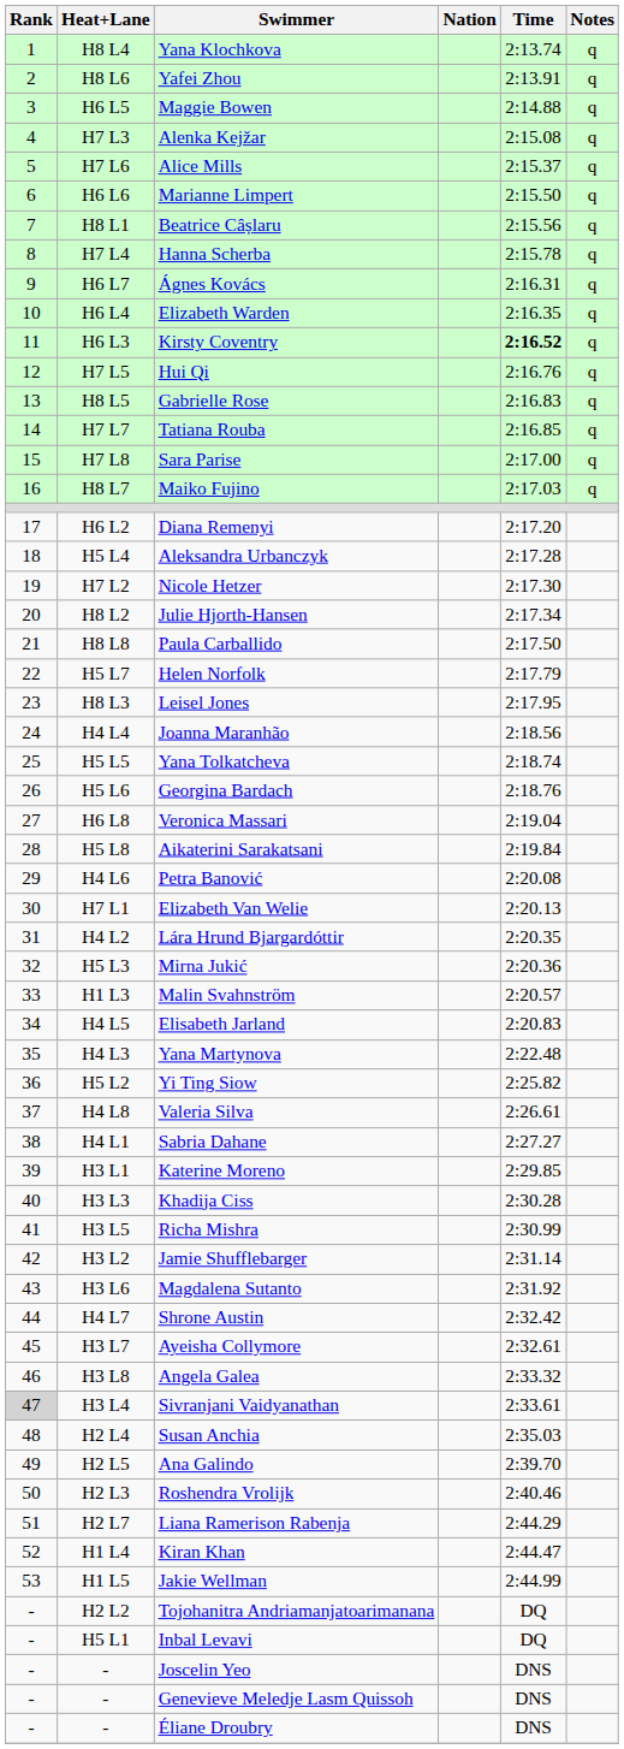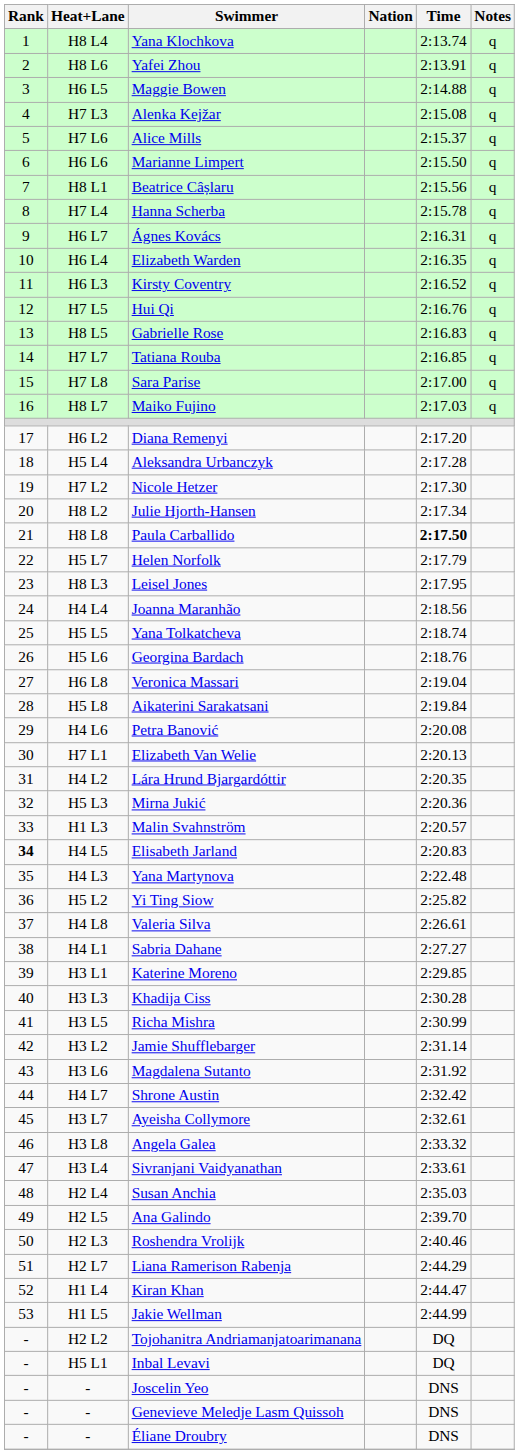 <table class="wikitable sortable" style="text-align:center">
 <tr>
 <th>Rank</th>
 <th>Heat+Lane</th>
 <th>Swimmer</th>
 <th>Nation</th>
 <th>Time</th>
 <th>Notes</th>
 </tr>
 <tr bgcolor=ccffcc>
 <td>1</td>
 <td>H8 L4</td>
 <td align=left><a href='#'>Yana Klochkova</a></td>
 <td align=left></td>
 <td>2:13.74</td>
 <td>q</td>
 </tr>
 <tr bgcolor=ccffcc>
 <td>2</td>
 <td>H8 L6</td>
 <td align=left><a href='#'>Yafei Zhou</a></td>
 <td align=left></td>
 <td>2:13.91</td>
 <td>q</td>
 </tr>
 <tr bgcolor=ccffcc>
 <td>3</td>
 <td>H6 L5</td>
 <td align=left><a href='#'>Maggie Bowen</a></td>
 <td align=left></td>
 <td>2:14.88</td>
 <td>q</td>
 </tr>
 <tr bgcolor=ccffcc>
 <td>4</td>
 <td>H7 L3</td>
 <td align=left><a href='#'>Alenka Kejžar</a></td>
 <td align=left></td>
 <td>2:15.08</td>
 <td>q</td>
 </tr>
 <tr bgcolor=ccffcc>
 <td>5</td>
 <td>H7 L6</td>
 <td align=left><a href='#'>Alice Mills</a></td>
 <td align=left></td>
 <td>2:15.37</td>
 <td>q</td>
 </tr>
 <tr bgcolor=ccffcc>
 <td>6</td>
 <td>H6 L6</td>
 <td align=left><a href='#'>Marianne Limpert</a></td>
 <td align=left></td>
 <td>2:15.50</td>
 <td>q</td>
 </tr>
 <tr bgcolor=ccffcc>
 <td>7</td>
 <td>H8 L1</td>
 <td align=left><a href='#'>Beatrice Câșlaru</a></td>
 <td align=left></td>
 <td>2:15.56</td>
 <td>q</td>
 </tr>
 <tr bgcolor=ccffcc>
 <td>8</td>
 <td>H7 L4</td>
 <td align=left><a href='#'>Hanna Scherba</a></td>
 <td align=left></td>
 <td>2:15.78</td>
 <td>q</td>
 </tr>
 <tr bgcolor=ccffcc>
 <td>9</td>
 <td>H6 L7</td>
 <td align=left><a href='#'>Ágnes Kovács</a></td>
 <td align=left></td>
 <td>2:16.31</td>
 <td>q</td>
 </tr>
 <tr bgcolor=ccffcc>
 <td>10</td>
 <td>H6 L4</td>
 <td align=left><a href='#'>Elizabeth Warden</a></td>
 <td align=left></td>
 <td>2:16.35</td>
 <td>q</td>
 </tr>
 <tr bgcolor=ccffcc>
 <td>11</td>
 <td>H6 L3</td>
 <td align=left><a href='#'>Kirsty Coventry</a></td>
 <td align=left></td>
-<td><strong>2:16.52</strong></td>
+<td>2:16.52</td>
 <td>q</td>
 </tr>
 <tr bgcolor=ccffcc>
 <td>12</td>
 <td>H7 L5</td>
 <td align=left><a href='#'>Hui Qi</a></td>
 <td align=left></td>
 <td>2:16.76</td>
 <td>q</td>
 </tr>
 <tr bgcolor=ccffcc>
 <td>13</td>
 <td>H8 L5</td>
 <td align=left><a href='#'>Gabrielle Rose</a></td>
 <td align=left></td>
 <td>2:16.83</td>
 <td>q</td>
 </tr>
 <tr bgcolor=ccffcc>
 <td>14</td>
 <td>H7 L7</td>
 <td align=left><a href='#'>Tatiana Rouba</a></td>
 <td align=left></td>
 <td>2:16.85</td>
 <td>q</td>
 </tr>
 <tr bgcolor=ccffcc>
 <td>15</td>
 <td>H7 L8</td>
 <td align=left><a href='#'>Sara Parise</a></td>
 <td align=left></td>
 <td>2:17.00</td>
 <td>q</td>
 </tr>
 <tr bgcolor=ccffcc>
 <td>16</td>
 <td>H8 L7</td>
 <td align=left><a href='#'>Maiko Fujino</a></td>
 <td align=left></td>
 <td>2:17.03</td>
 <td>q</td>
 </tr>
 <tr bgcolor=#DDDDDD>
 <td colspan=6></td>
 </tr>
 <tr>
 <td>17</td>
 <td>H6 L2</td>
 <td align=left><a href='#'>Diana Remenyi</a></td>
 <td align=left></td>
 <td>2:17.20</td>
 <td></td>
 </tr>
 <tr>
 <td>18</td>
 <td>H5 L4</td>
 <td align=left><a href='#'>Aleksandra Urbanczyk</a></td>
 <td align=left></td>
 <td>2:17.28</td>
 <td></td>
 </tr>
 <tr>
 <td>19</td>
 <td>H7 L2</td>
 <td align=left><a href='#'>Nicole Hetzer</a></td>
 <td align=left></td>
 <td>2:17.30</td>
 <td></td>
 </tr>
 <tr>
 <td>20</td>
 <td>H8 L2</td>
 <td align=left><a href='#'>Julie Hjorth-Hansen</a></td>
 <td align=left></td>
 <td>2:17.34</td>
 <td></td>
 </tr>
 <tr>
 <td>21</td>
 <td>H8 L8</td>
 <td align=left><a href='#'>Paula Carballido</a></td>
 <td align=left></td>
-<td>2:17.50</td>
+<td><strong>2:17.50</strong></td>
 <td></td>
 </tr>
 <tr>
 <td>22</td>
 <td>H5 L7</td>
 <td align=left><a href='#'>Helen Norfolk</a></td>
 <td align=left></td>
 <td>2:17.79</td>
 <td></td>
 </tr>
 <tr>
 <td>23</td>
 <td>H8 L3</td>
 <td align=left><a href='#'>Leisel Jones</a></td>
 <td align=left></td>
 <td>2:17.95</td>
 <td></td>
 </tr>
 <tr>
 <td>24</td>
 <td>H4 L4</td>
 <td align=left><a href='#'>Joanna Maranhão</a></td>
 <td align=left></td>
 <td>2:18.56</td>
 <td></td>
 </tr>
 <tr>
 <td>25</td>
 <td>H5 L5</td>
 <td align=left><a href='#'>Yana Tolkatcheva</a></td>
 <td align=left></td>
 <td>2:18.74</td>
 <td></td>
 </tr>
 <tr>
 <td>26</td>
 <td>H5 L6</td>
 <td align=left><a href='#'>Georgina Bardach</a></td>
 <td align=left></td>
 <td>2:18.76</td>
 <td></td>
 </tr>
 <tr>
 <td>27</td>
 <td>H6 L8</td>
 <td align=left><a href='#'>Veronica Massari</a></td>
 <td align=left></td>
 <td>2:19.04</td>
 <td></td>
 </tr>
 <tr>
 <td>28</td>
 <td>H5 L8</td>
 <td align=left><a href='#'>Aikaterini Sarakatsani</a></td>
 <td align=left></td>
 <td>2:19.84</td>
 <td></td>
 </tr>
 <tr>
 <td>29</td>
 <td>H4 L6</td>
 <td align=left><a href='#'>Petra Banović</a></td>
 <td align=left></td>
 <td>2:20.08</td>
 <td></td>
 </tr>
 <tr>
 <td>30</td>
 <td>H7 L1</td>
 <td align=left><a href='#'>Elizabeth Van Welie</a></td>
 <td align=left></td>
 <td>2:20.13</td>
 <td></td>
 </tr>
 <tr>
 <td>31</td>
 <td>H4 L2</td>
 <td align=left><a href='#'>Lára Hrund Bjargardóttir</a></td>
 <td align=left></td>
 <td>2:20.35</td>
 <td></td>
 </tr>
 <tr>
 <td>32</td>
 <td>H5 L3</td>
 <td align=left><a href='#'>Mirna Jukić</a></td>
 <td align=left></td>
 <td>2:20.36</td>
 <td></td>
 </tr>
 <tr>
 <td>33</td>
 <td>H1 L3</td>
 <td align=left><a href='#'>Malin Svahnström</a></td>
 <td align=left></td>
 <td>2:20.57</td>
 <td></td>
 </tr>
 <tr>
-<td>34</td>
+<td><strong>34</strong></td>
 <td>H4 L5</td>
 <td align=left><a href='#'>Elisabeth Jarland</a></td>
 <td align=left></td>
 <td>2:20.83</td>
 <td></td>
 </tr>
 <tr>
 <td>35</td>
 <td>H4 L3</td>
 <td align=left><a href='#'>Yana Martynova</a></td>
 <td align=left></td>
 <td>2:22.48</td>
 <td></td>
 </tr>
 <tr>
 <td>36</td>
 <td>H5 L2</td>
 <td align=left><a href='#'>Yi Ting Siow</a></td>
 <td align=left></td>
 <td>2:25.82</td>
 <td></td>
 </tr>
 <tr>
 <td>37</td>
 <td>H4 L8</td>
 <td align=left><a href='#'>Valeria Silva</a></td>
 <td align=left></td>
 <td>2:26.61</td>
 <td></td>
 </tr>
 <tr>
 <td>38</td>
 <td>H4 L1</td>
 <td align=left><a href='#'>Sabria Dahane</a></td>
 <td align=left></td>
 <td>2:27.27</td>
 <td></td>
 </tr>
 <tr>
 <td>39</td>
 <td>H3 L1</td>
 <td align=left><a href='#'>Katerine Moreno</a></td>
 <td align=left></td>
 <td>2:29.85</td>
 <td></td>
 </tr>
 <tr>
 <td>40</td>
 <td>H3 L3</td>
 <td align=left><a href='#'>Khadija Ciss</a></td>
 <td align=left></td>
 <td>2:30.28</td>
 <td></td>
 </tr>
 <tr>
 <td>41</td>
 <td>H3 L5</td>
 <td align=left><a href='#'>Richa Mishra</a></td>
 <td align=left></td>
 <td>2:30.99</td>
 <td></td>
 </tr>
 <tr>
 <td>42</td>
 <td>H3 L2</td>
 <td align=left><a href='#'>Jamie Shufflebarger</a></td>
 <td align=left></td>
 <td>2:31.14</td>
 <td></td>
 </tr>
 <tr>
 <td>43</td>
 <td>H3 L6</td>
 <td align=left><a href='#'>Magdalena Sutanto</a></td>
 <td align=left></td>
 <td>2:31.92</td>
 <td></td>
 </tr>
 <tr>
 <td>44</td>
 <td>H4 L7</td>
 <td align=left><a href='#'>Shrone Austin</a></td>
 <td align=left></td>
 <td>2:32.42</td>
 <td></td>
 </tr>
 <tr>
 <td>45</td>
 <td>H3 L7</td>
 <td align=left><a href='#'>Ayeisha Collymore</a></td>
 <td align=left></td>
 <td>2:32.61</td>
 <td></td>
 </tr>
 <tr>
 <td>46</td>
 <td>H3 L8</td>
 <td align=left><a href='#'>Angela Galea</a></td>
 <td align=left></td>
 <td>2:33.32</td>
 <td></td>
 </tr>
 <tr>
-<td style="background: lightgrey;">47</td>
+<td>47</td>
 <td>H3 L4</td>
 <td align=left><a href='#'>Sivranjani Vaidyanathan</a></td>
 <td align=left></td>
 <td>2:33.61</td>
 <td></td>
 </tr>
 <tr>
 <td>48</td>
 <td>H2 L4</td>
 <td align=left><a href='#'>Susan Anchia</a></td>
 <td align=left></td>
 <td>2:35.03</td>
 <td></td>
 </tr>
 <tr>
 <td>49</td>
 <td>H2 L5</td>
 <td align=left><a href='#'>Ana Galindo</a></td>
 <td align=left></td>
 <td>2:39.70</td>
 <td></td>
 </tr>
 <tr>
 <td>50</td>
 <td>H2 L3</td>
 <td align=left><a href='#'>Roshendra Vrolijk</a></td>
 <td align=left></td>
 <td>2:40.46</td>
 <td></td>
 </tr>
 <tr>
 <td>51</td>
 <td>H2 L7</td>
 <td align=left><a href='#'>Liana Ramerison Rabenja</a></td>
 <td align=left></td>
 <td>2:44.29</td>
 <td></td>
 </tr>
 <tr>
 <td>52</td>
 <td>H1 L4</td>
 <td align=left><a href='#'>Kiran Khan</a></td>
 <td align=left></td>
 <td>2:44.47</td>
 <td></td>
 </tr>
 <tr>
 <td>53</td>
 <td>H1 L5</td>
 <td align=left><a href='#'>Jakie Wellman</a></td>
 <td align=left></td>
 <td>2:44.99</td>
 <td></td>
 </tr>
 <tr>
 <td>-</td>
 <td>H2 L2</td>
 <td align=left><a href='#'>Tojohanitra Andriamanjatoarimanana</a></td>
 <td align=left></td>
 <td>DQ</td>
 <td></td>
 </tr>
 <tr>
 <td>-</td>
 <td>H5 L1</td>
 <td align=left><a href='#'>Inbal Levavi</a></td>
 <td align=left></td>
 <td>DQ</td>
 <td></td>
 </tr>
 <tr>
 <td>-</td>
 <td>-</td>
 <td align=left><a href='#'>Joscelin Yeo</a></td>
 <td align=left></td>
 <td>DNS</td>
 <td></td>
 </tr>
 <tr>
 <td>-</td>
 <td>-</td>
 <td align=left><a href='#'>Genevieve Meledje Lasm Quissoh</a></td>
 <td align=left></td>
 <td>DNS</td>
 <td></td>
 </tr>
 <tr>
 <td>-</td>
 <td>-</td>
 <td align=left><a href='#'>Éliane Droubry</a></td>
 <td align=left></td>
 <td>DNS</td>
 <td></td>
 </tr>
 <tr>
 </tr>
 </table>
